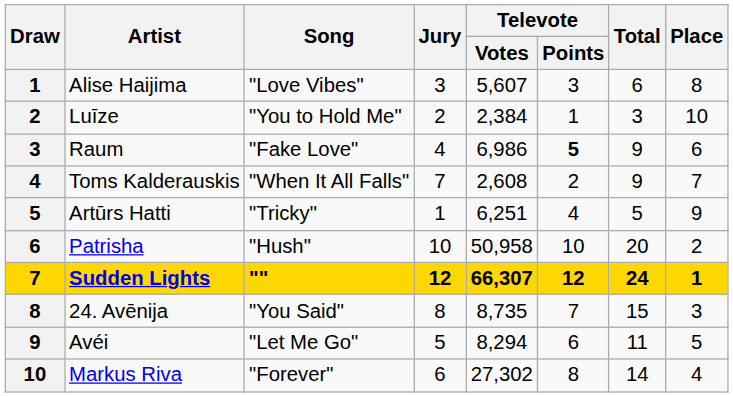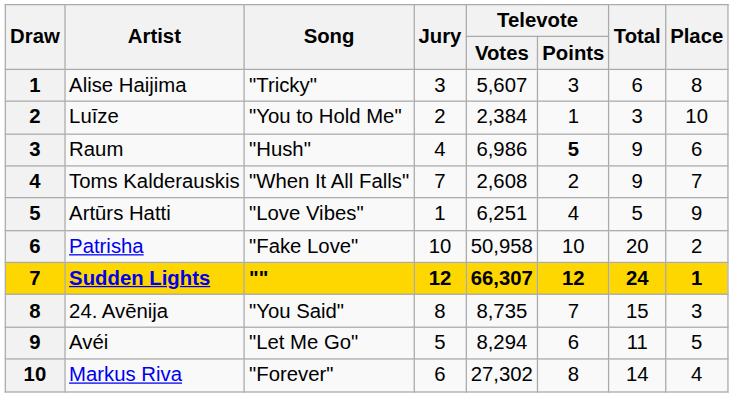 <table class="sortable wikitable plainrowheaders" style="margin: 1em auto 1em auto; text-align:center">
 <tr>
 <th rowspan="2">Draw</th>
 <th rowspan="2">Artist</th>
 <th rowspan="2">Song</th>
 <th rowspan="2">Jury</th>
 <th colspan="2">Televote</th>
 <th rowspan="2">Total</th>
 <th rowspan="2">Place</th>
 </tr>
 <tr>
 <th>Votes</th>
 <th>Points</th>
 </tr>
 <tr>
 <th scope="row" style="text-align:center;">1</th>
 <td align="left">Alise Haijima</td>
-<td align="left">"Love Vibes"</td>
+<td align="left">"Tricky"</td>
 <td>3</td>
 <td>5,607</td>
 <td>3</td>
 <td>6</td>
 <td>8</td>
 </tr>
 <tr>
 <th scope="row" style="text-align:center;">2</th>
 <td align="left">Luīze</td>
 <td align="left">"You to Hold Me"</td>
 <td>2</td>
 <td>2,384</td>
 <td>1</td>
 <td>3</td>
 <td>10</td>
 </tr>
 <tr>
 <th scope="row" style="text-align:center;">3</th>
 <td align="left">Raum</td>
-<td align="left">"Fake Love"</td>
+<td align="left">"Hush"</td>
 <td>4</td>
 <td>6,986</td>
 <td><strong>5</strong></td>
 <td>9</td>
 <td>6</td>
 </tr>
 <tr>
 <th scope="row" style="text-align:center;">4</th>
 <td align="left">Toms Kalderauskis</td>
 <td align="left">"When It All Falls"</td>
 <td>7</td>
 <td>2,608</td>
 <td>2</td>
 <td>9</td>
 <td>7</td>
 </tr>
 <tr>
 <th scope="row" style="text-align:center;">5</th>
 <td align="left">Artūrs Hatti</td>
-<td align="left">"Tricky"</td>
+<td align="left">"Love Vibes"</td>
 <td>1</td>
 <td>6,251</td>
 <td>4</td>
 <td>5</td>
 <td>9</td>
 </tr>
 <tr>
 <th scope="row" style="text-align:center;">6</th>
 <td align="left"><a href='#'>Patrisha</a></td>
-<td align="left">"Hush"</td>
+<td align="left">"Fake Love"</td>
 <td>10</td>
 <td>50,958</td>
 <td>10</td>
 <td>20</td>
 <td>2</td>
 </tr>
 <tr style="font-weight:bold; background:gold;">
 <th scope="row" style="text-align:center; font-weight:bold; background:gold;">7</th>
 <td align="left"><a href='#'>Sudden Lights</a></td>
 <td align="left">""</td>
 <td>12</td>
 <td>66,307</td>
 <td>12</td>
 <td>24</td>
 <td>1</td>
 </tr>
 <tr>
 <th scope="row" style="text-align:center;">8</th>
 <td align="left">24. Avēnija</td>
 <td align="left">"You Said"</td>
 <td>8</td>
 <td>8,735</td>
 <td>7</td>
 <td>15</td>
 <td>3</td>
 </tr>
 <tr>
 <th scope="row" style="text-align:center;">9</th>
 <td align="left">Avéi</td>
 <td align="left">"Let Me Go"</td>
 <td>5</td>
 <td>8,294</td>
 <td>6</td>
 <td>11</td>
 <td>5</td>
 </tr>
 <tr>
 <th scope="row" style="text-align:center;">10</th>
 <td align="left"><a href='#'>Markus Riva</a></td>
 <td align="left">"Forever"</td>
 <td>6</td>
 <td>27,302</td>
 <td>8</td>
 <td>14</td>
 <td>4</td>
 </tr>
 </table>
